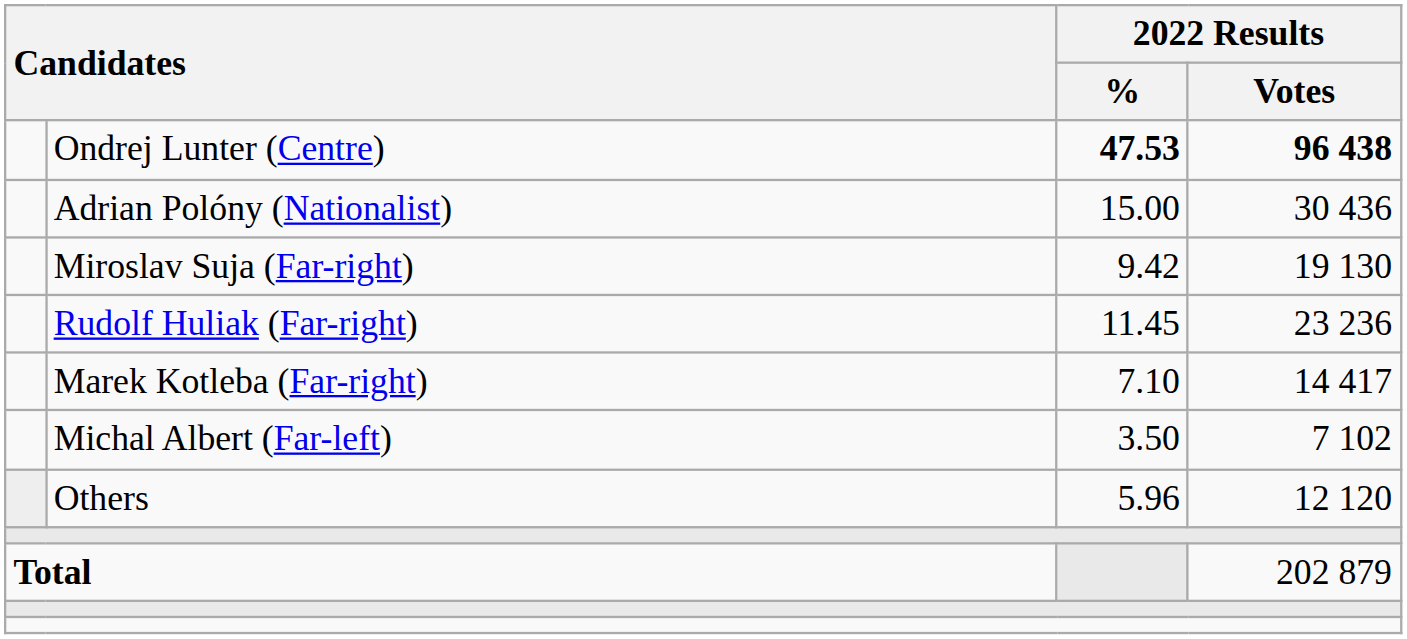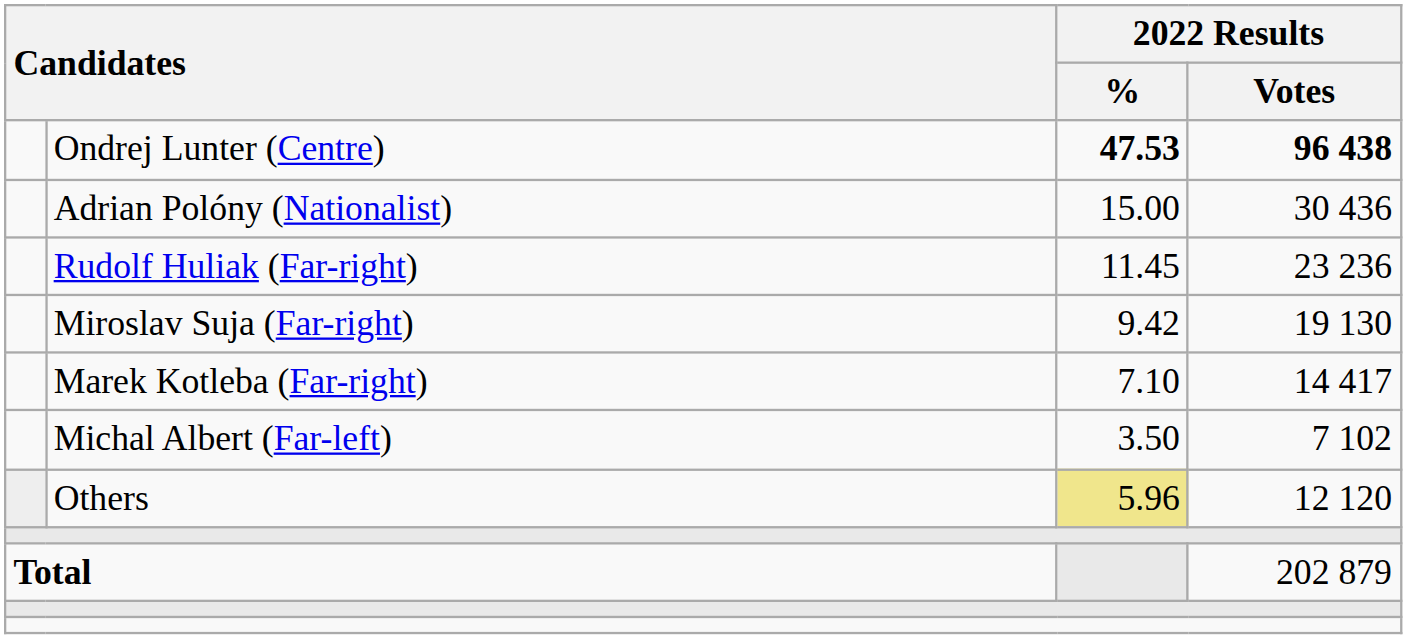 <table class="wikitable" style="text-align:right; font-size:97%;">
 <tr>
 <th style="text-align:left;" rowspan="2" colspan="2" width="450">Candidates</th>
 <th colspan="2">2022 Results</th>
 </tr>
 <tr>
 <th width="50">%</th>
 <th width="85">Votes</th>
 </tr>
 <tr>
 <td style="color:inherit;background:"></td>
 <td align="left">Ondrej Lunter (<a href='#'>Centre</a>)</td>
 <td><strong>47.53</strong></td>
 <td><strong>96 438</strong></td>
 </tr>
 <tr>
 <td style="color:inherit;background:"></td>
 <td align="left">Adrian Polóny (<a href='#'>Nationalist</a>)</td>
 <td>15.00</td>
 <td>30 436</td>
 </tr>
 <tr>
 <td style="color:inherit;background:"></td>
+<td align="left"><a href='#'>Rudolf Huliak</a> (<a href='#'>Far-right</a>)</td>
+<td>11.45</td>
+<td>23 236</td>
+</tr>
+<tr>
+<td style="color:inherit;background:"></td>
 <td align="left">Miroslav Suja (<a href='#'>Far-right</a>)</td>
 <td>9.42</td>
 <td>19 130</td>
-</tr>
-<tr>
-<td style="color:inherit;background:"></td>
-<td align="left"><a href='#'>Rudolf Huliak</a> (<a href='#'>Far-right</a>)</td>
-<td>11.45</td>
-<td>23 236</td>
 </tr>
 <tr>
 <td style="color:inherit;background:"></td>
 <td align="left">Marek Kotleba (<a href='#'>Far-right</a>)</td>
 <td>7.10</td>
 <td>14 417</td>
 </tr>
 <tr>
 <td style="color:inherit;background:"></td>
 <td align="left">Michal Albert (<a href='#'>Far-left</a>)</td>
 <td>3.50</td>
 <td>7 102</td>
 </tr>
 <tr>
 <td style="color:inherit;background:#eeeeee"></td>
 <td align="left">Others</td>
-<td>5.96</td>
+<td style="background: khaki;">5.96</td>
 <td>12 120</td>
 </tr>
 <tr>
 <td colspan="4" bgcolor="#E9E9E9"></td>
 </tr>
 <tr>
 <td align="left" colspan="2"><strong>Total</strong></td>
 <td bgcolor="#E9E9E9"></td>
 <td>202 879</td>
 </tr>
 <tr>
 <td colspan="4" bgcolor="#E9E9E9"></td>
 </tr>
 <tr>
 <td colspan="4"></td>
 </tr>
 </table>
